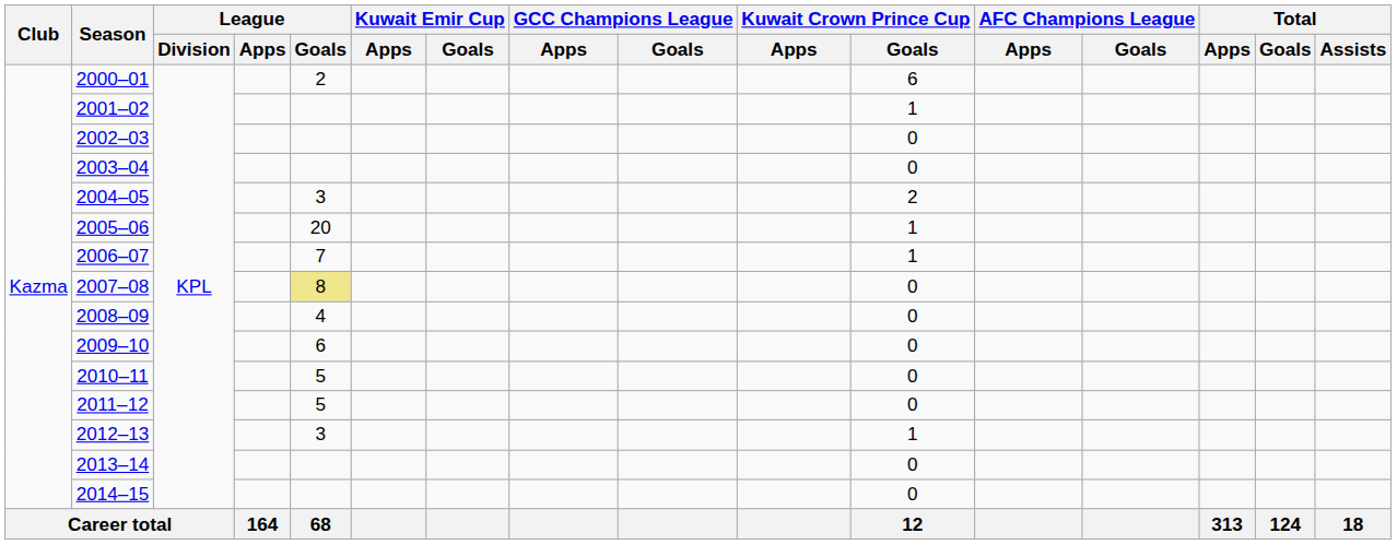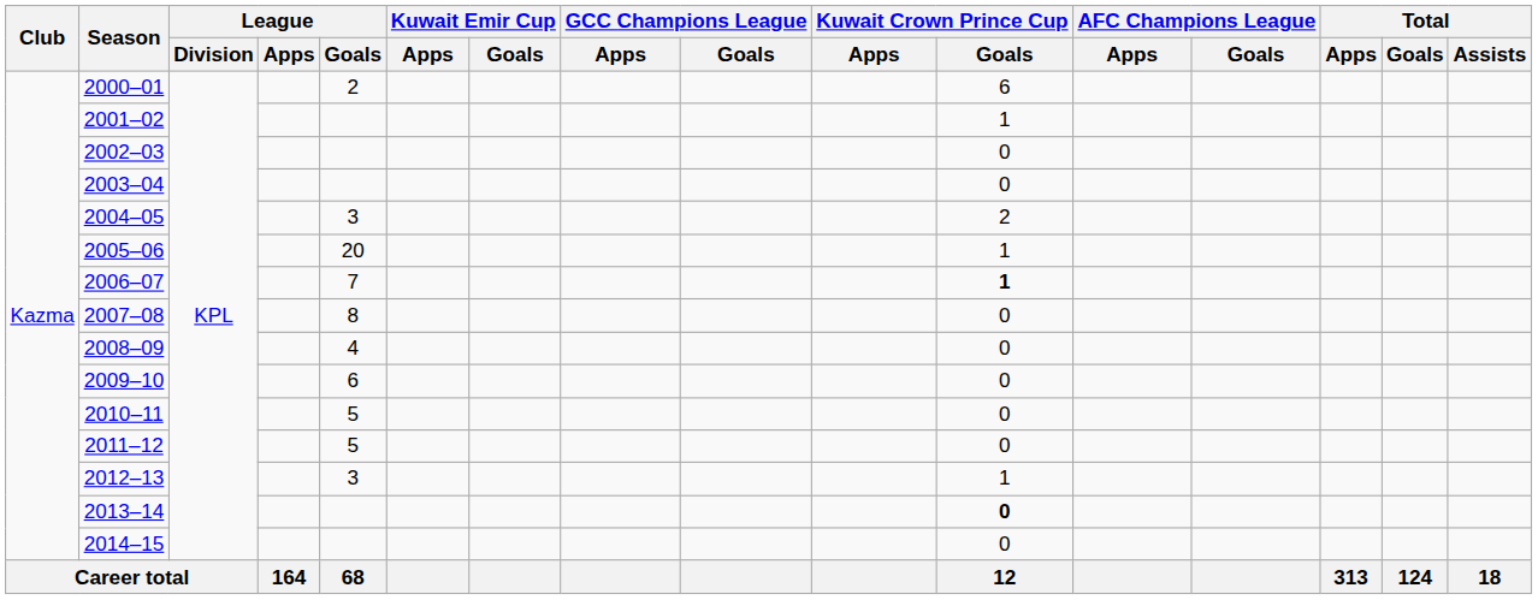 <table class="wikitable" style="text-align:center">
 <tr>
 <th rowspan="2">Club</th>
 <th rowspan="2">Season</th>
 <th colspan="3">League</th>
 <th colspan="2"><a href='#'>Kuwait Emir Cup</a></th>
 <th colspan="2"><a href='#'>GCC Champions League</a></th>
 <th colspan="2"><a href='#'>Kuwait Crown Prince Cup</a></th>
 <th colspan="2"><a href='#'>AFC Champions League</a></th>
 <th colspan="3">Total</th>
 </tr>
 <tr>
 <th>Division</th>
 <th>Apps</th>
 <th>Goals</th>
 <th>Apps</th>
 <th>Goals</th>
 <th>Apps</th>
 <th>Goals</th>
 <th>Apps</th>
 <th>Goals</th>
 <th>Apps</th>
 <th>Goals</th>
 <th>Apps</th>
 <th>Goals</th>
 <th>Assists</th>
 </tr>
 <tr align=center>
 <td rowspan="15" align=center valign=center><a href='#'>Kazma</a></td>
 <td><a href='#'>2000–01</a></td>
 <td rowspan="15"><a href='#'>KPL</a></td>
 <td></td>
 <td>2</td>
 <td></td>
 <td></td>
 <td></td>
 <td></td>
 <td></td>
 <td>6</td>
 <td></td>
 <td></td>
 <td></td>
 <td></td>
 <td></td>
 </tr>
 <tr>
 <td><a href='#'>2001–02</a></td>
 <td></td>
 <td></td>
 <td></td>
 <td></td>
 <td></td>
 <td></td>
 <td></td>
 <td>1</td>
 <td></td>
 <td></td>
 <td></td>
 <td></td>
 <td></td>
 </tr>
 <tr>
 <td><a href='#'>2002–03</a></td>
 <td></td>
 <td></td>
 <td></td>
 <td></td>
 <td></td>
 <td></td>
 <td></td>
 <td>0</td>
 <td></td>
 <td></td>
 <td></td>
 <td></td>
 <td></td>
 </tr>
 <tr>
 <td><a href='#'>2003–04</a></td>
 <td></td>
 <td></td>
 <td></td>
 <td></td>
 <td></td>
 <td></td>
 <td></td>
 <td>0</td>
 <td></td>
 <td></td>
 <td></td>
 <td></td>
 <td></td>
 </tr>
 <tr>
 <td><a href='#'>2004–05</a></td>
 <td></td>
 <td>3</td>
 <td></td>
 <td></td>
 <td></td>
 <td></td>
 <td></td>
 <td>2</td>
 <td></td>
 <td></td>
 <td></td>
 <td></td>
 <td></td>
 </tr>
 <tr>
 <td><a href='#'>2005–06</a></td>
 <td></td>
 <td>20</td>
 <td></td>
 <td></td>
 <td></td>
 <td></td>
 <td></td>
 <td>1</td>
 <td></td>
 <td></td>
 <td></td>
 <td></td>
 <td></td>
 </tr>
 <tr>
 <td><a href='#'>2006–07</a></td>
 <td></td>
 <td>7</td>
 <td></td>
 <td></td>
 <td></td>
 <td></td>
 <td></td>
-<td>1</td>
+<td><strong>1</strong></td>
 <td></td>
 <td></td>
 <td></td>
 <td></td>
 <td></td>
 </tr>
 <tr>
 <td><a href='#'>2007–08</a></td>
 <td></td>
-<td style="background: khaki;">8</td>
+<td>8</td>
 <td></td>
 <td></td>
 <td></td>
 <td></td>
 <td></td>
 <td>0</td>
 <td></td>
 <td></td>
 <td></td>
 <td></td>
 <td></td>
 </tr>
 <tr>
 <td><a href='#'>2008–09</a></td>
 <td></td>
 <td>4</td>
 <td></td>
 <td></td>
 <td></td>
 <td></td>
 <td></td>
 <td>0</td>
 <td></td>
 <td></td>
 <td></td>
 <td></td>
 <td></td>
 </tr>
 <tr>
 <td><a href='#'>2009–10</a></td>
 <td></td>
 <td>6</td>
 <td></td>
 <td></td>
 <td></td>
 <td></td>
 <td></td>
 <td>0</td>
 <td></td>
 <td></td>
 <td></td>
 <td></td>
 <td></td>
 </tr>
 <tr>
 <td><a href='#'>2010–11</a></td>
 <td></td>
 <td>5</td>
 <td></td>
 <td></td>
 <td></td>
 <td></td>
 <td></td>
 <td>0</td>
 <td></td>
 <td></td>
 <td></td>
 <td></td>
 <td></td>
 </tr>
 <tr>
 <td><a href='#'>2011–12</a></td>
 <td></td>
 <td>5</td>
 <td></td>
 <td></td>
 <td></td>
 <td></td>
 <td></td>
 <td>0</td>
 <td></td>
 <td></td>
 <td></td>
 <td></td>
 <td></td>
 </tr>
 <tr>
 <td><a href='#'>2012–13</a></td>
 <td></td>
 <td>3</td>
 <td></td>
 <td></td>
 <td></td>
 <td></td>
 <td></td>
 <td>1</td>
 <td></td>
 <td></td>
 <td></td>
 <td></td>
 <td></td>
 </tr>
 <tr>
 <td><a href='#'>2013–14</a></td>
 <td></td>
 <td></td>
 <td></td>
 <td></td>
 <td></td>
 <td></td>
 <td></td>
-<td>0</td>
+<td><strong>0</strong></td>
 <td></td>
 <td></td>
 <td></td>
 <td></td>
 <td></td>
 </tr>
 <tr>
 <td><a href='#'>2014–15</a></td>
 <td></td>
 <td></td>
 <td></td>
 <td></td>
 <td></td>
 <td></td>
 <td></td>
 <td>0</td>
 <td></td>
 <td></td>
 <td></td>
 <td></td>
 <td></td>
 </tr>
 <tr align=center>
 <th colspan="3">Career total</th>
 <th>164</th>
 <th>68</th>
 <th></th>
 <th></th>
 <th></th>
 <th></th>
 <th></th>
 <th>12</th>
 <th></th>
 <th></th>
 <th>313</th>
 <th>124</th>
 <th>18</th>
 </tr>
 </table>
